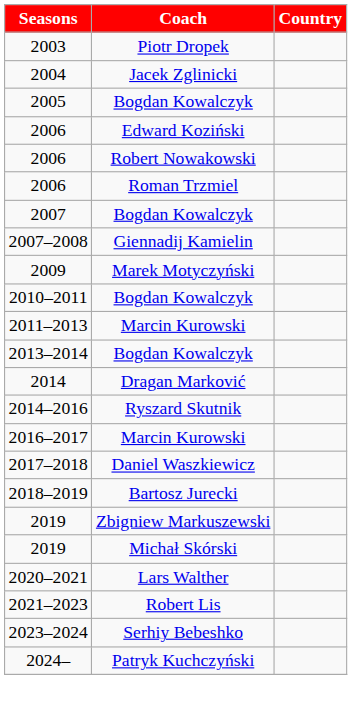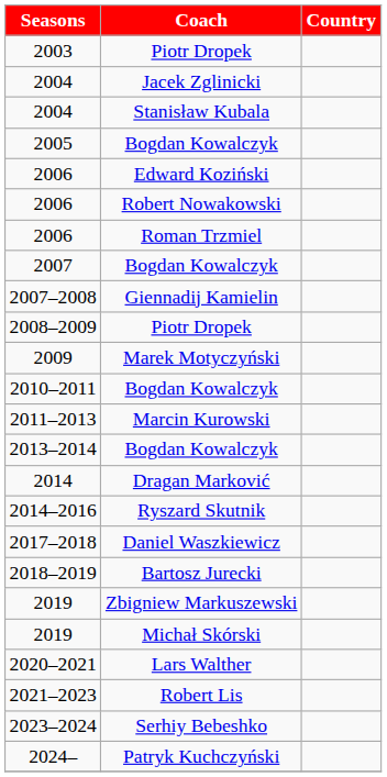 <table class="wikitable" style="text-align: center">
 <tr>
 <th style="color:#FFFFFF; background:#FF0000">Seasons</th>
 <th style="color:#FFFFFF; background:#FF0000">Coach</th>
 <th style="color:#FFFFFF; background:#FF0000">Country</th>
 </tr>
 <tr>
 <td style="text-align: center">2003</td>
 <td style="text-align: center"><a href='#'>Piotr Dropek</a></td>
 <td style="text-align: center"></td>
 </tr>
 <tr>
 <td style="text-align: center">2004</td>
 <td style="text-align: center"><a href='#'>Jacek Zglinicki</a></td>
+<td style="text-align: center"></td>
+</tr>
+<tr>
+<td style="text-align: center">2004</td>
+<td style="text-align: center"><a href='#'>Stanisław Kubala</a></td>
 <td style="text-align: center"></td>
 </tr>
 <tr>
 <td style="text-align: center">2005</td>
 <td style="text-align: center"><a href='#'>Bogdan Kowalczyk</a></td>
 <td style="text-align: center"></td>
 </tr>
 <tr>
 <td style="text-align: center">2006</td>
 <td style="text-align: center"><a href='#'>Edward Koziński</a></td>
 <td style="text-align: center"></td>
 </tr>
 <tr>
 <td style="text-align: center">2006</td>
 <td style="text-align: center"><a href='#'>Robert Nowakowski</a></td>
 <td style="text-align: center"></td>
 </tr>
 <tr>
 <td style="text-align: center">2006</td>
 <td style="text-align: center"><a href='#'>Roman Trzmiel</a></td>
 <td style="text-align: center"></td>
 </tr>
 <tr>
 <td style="text-align: center">2007</td>
 <td style="text-align: center"><a href='#'>Bogdan Kowalczyk</a></td>
 <td style="text-align: center"></td>
 </tr>
 <tr>
 <td style="text-align: center">2007–2008</td>
 <td style="text-align: center"><a href='#'>Giennadij Kamielin</a></td>
 <td style="text-align: center"></td>
 </tr>
 <tr>
+<td style="text-align: center">2008–2009</td>
+<td style="text-align: center"><a href='#'>Piotr Dropek</a></td>
+<td style="text-align: center"></td>
+</tr>
+<tr>
 <td style="text-align: center">2009</td>
 <td style="text-align: center"><a href='#'>Marek Motyczyński</a></td>
 <td style="text-align: center"></td>
 </tr>
 <tr>
 <td style="text-align: center">2010–2011</td>
 <td style="text-align: center"><a href='#'>Bogdan Kowalczyk</a></td>
 <td style="text-align: center"></td>
 </tr>
 <tr>
 <td style="text-align: center">2011–2013</td>
 <td style="text-align: center"><a href='#'>Marcin Kurowski</a></td>
 <td style="text-align: center"></td>
 </tr>
 <tr>
 <td style="text-align: center">2013–2014</td>
 <td style="text-align: center"><a href='#'>Bogdan Kowalczyk</a></td>
 <td style="text-align: center"></td>
 </tr>
 <tr>
 <td style="text-align: center">2014</td>
 <td style="text-align: center"><a href='#'>Dragan Marković</a></td>
 <td style="text-align: center"></td>
 </tr>
 <tr>
 <td style="text-align: center">2014–2016</td>
 <td style="text-align: center"><a href='#'>Ryszard Skutnik</a></td>
-<td style="text-align: center"></td>
-</tr>
-<tr>
-<td style="text-align: center">2016–2017</td>
-<td style="text-align: center"><a href='#'>Marcin Kurowski</a></td>
 <td style="text-align: center"></td>
 </tr>
 <tr>
 <td style="text-align: center">2017–2018</td>
 <td style="text-align: center"><a href='#'>Daniel Waszkiewicz</a></td>
 <td style="text-align: center"></td>
 </tr>
 <tr>
 <td style="text-align: center">2018–2019</td>
 <td style="text-align: center"><a href='#'>Bartosz Jurecki</a></td>
 <td style="text-align: center"></td>
 </tr>
 <tr>
 <td style="text-align: center">2019</td>
 <td style="text-align: center"><a href='#'>Zbigniew Markuszewski</a></td>
 <td style="text-align: center"></td>
 </tr>
 <tr>
 <td style="text-align: center">2019</td>
 <td style="text-align: center"><a href='#'>Michał Skórski</a></td>
 <td style="text-align: center"></td>
 </tr>
 <tr>
 <td style="text-align: center">2020–2021</td>
 <td style="text-align: center"><a href='#'>Lars Walther</a></td>
 <td style="text-align: center"></td>
 </tr>
 <tr>
 <td style="text-align: center">2021–2023</td>
 <td style="text-align: center"><a href='#'>Robert Lis</a></td>
 <td style="text-align: center"></td>
 </tr>
 <tr>
 <td style="text-align: center">2023–2024</td>
 <td style="text-align: center"><a href='#'>Serhiy Bebeshko</a></td>
 <td style="text-align: center"></td>
 </tr>
 <tr>
 <td style="text-align: center">2024–</td>
 <td style="text-align: center"><a href='#'>Patryk Kuchczyński</a></td>
 <td style="text-align: center"></td>
 </tr>
 <tr>
 </tr>
 </table>
